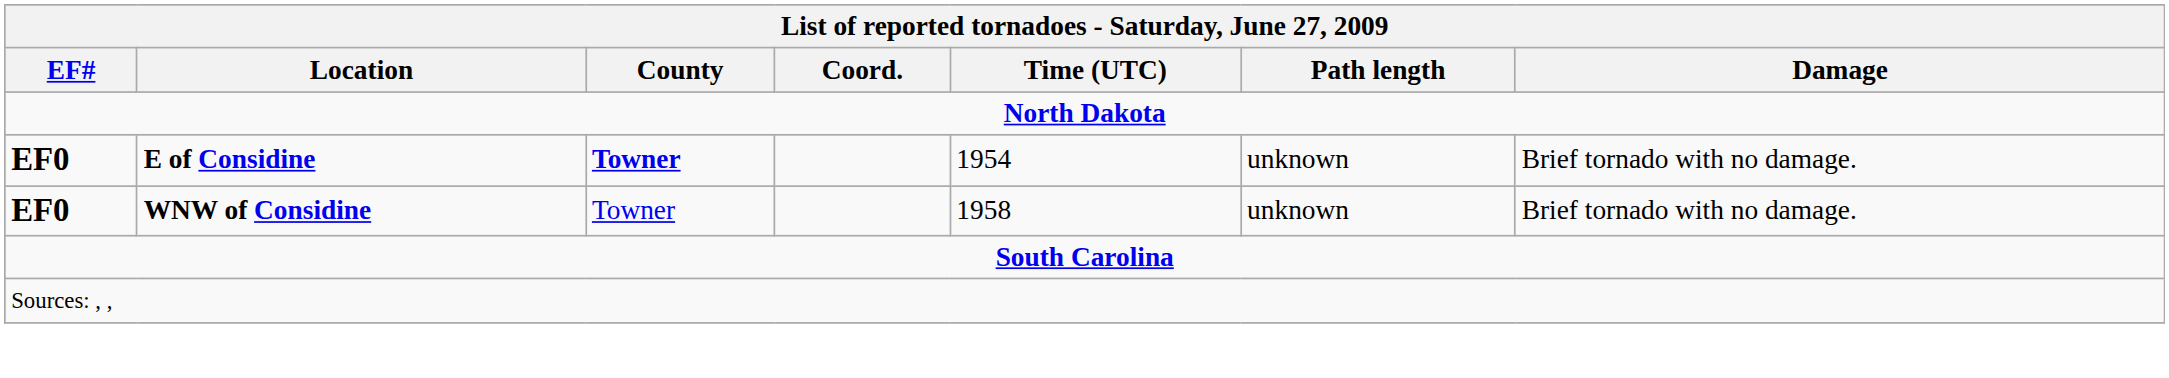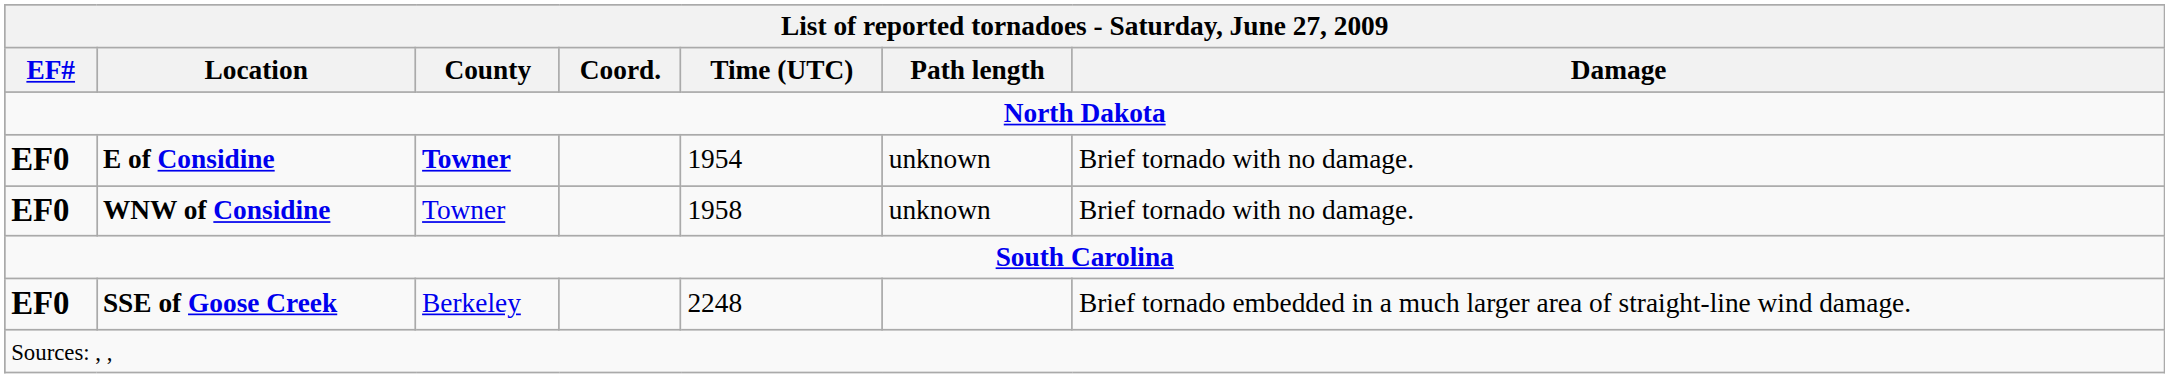 <table class="wikitable collapsible" width="100%">
 <tr>
 <th colspan="7">List of reported tornadoes - Saturday, June 27, 2009</th>
 </tr>
 <tr>
 <th><a href='#'>EF#</a></th>
 <th>Location</th>
 <th>County</th>
 <th>Coord.</th>
 <th>Time (UTC)</th>
 <th>Path length</th>
 <th>Damage</th>
 </tr>
 <tr>
 <td colspan="7" align=center><strong><a href='#'>North Dakota</a></strong></td>
 </tr>
 <tr>
 <td><big><strong>EF0</strong></big></td>
 <td><strong>E of <a href='#'>Considine</a></strong></td>
 <td><strong><a href='#'>Towner</a></strong></td>
 <td></td>
 <td>1954</td>
 <td>unknown</td>
 <td>Brief tornado with no damage.</td>
 </tr>
 <tr>
 <td><big><strong>EF0</strong></big></td>
 <td><strong>WNW of <a href='#'>Considine</a></strong></td>
 <td><a href='#'>Towner</a></td>
 <td></td>
 <td>1958</td>
 <td>unknown</td>
 <td>Brief tornado with no damage.</td>
 </tr>
 <tr>
 <td colspan="7" align=center><strong><a href='#'>South Carolina</a></strong></td>
 </tr>
 <tr>
+<td><big><strong>EF0</strong></big></td>
+<td><strong>SSE of <a href='#'>Goose Creek</a></strong></td>
+<td><a href='#'>Berkeley</a></td>
+<td></td>
+<td>2248</td>
+<td></td>
+<td>Brief tornado embedded in a much larger area of straight-line wind damage.</td>
+</tr>
+<tr>
 <td colspan="7"><small>Sources: , , </small></td>
 </tr>
 </table>
